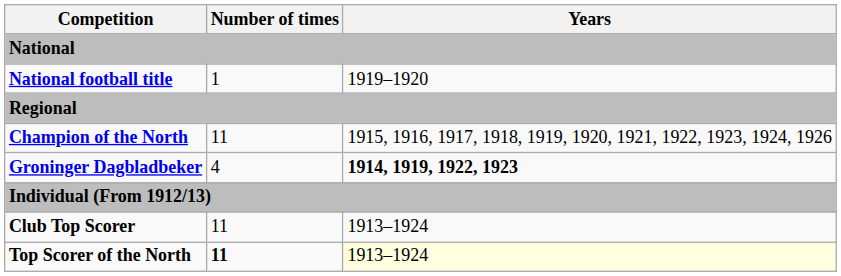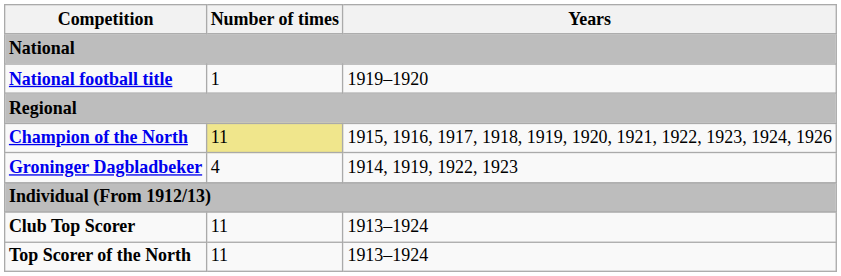 <table class="wikitable" style="font-size:85%;">
 <tr>
 <th>Competition</th>
 <th>Number of times</th>
 <th>Years</th>
 </tr>
 <tr>
 <td style="background:#BDBDBD;" colspan="6"><strong>National</strong></td>
 </tr>
 <tr>
 <td><strong><a href='#'>National football title</a></strong></td>
 <td>1</td>
 <td>1919–1920</td>
 </tr>
 <tr>
 <td style="background:#BDBDBD;" colspan="6"><strong>Regional</strong></td>
 </tr>
 <tr>
 <td><strong><a href='#'>Champion of the North</a></strong></td>
-<td>11</td>
+<td style="background: khaki;">11</td>
 <td>1915, 1916, 1917, 1918, 1919, 1920, 1921, 1922, 1923, 1924, 1926</td>
 </tr>
 <tr>
 <td><strong><a href='#'>Groninger Dagbladbeker</a></strong></td>
 <td>4</td>
-<td><strong>1914, 1919, 1922, 1923</strong></td>
+<td>1914, 1919, 1922, 1923</td>
 </tr>
 <tr>
 <td style="background:#BDBDBD;" colspan="6"><strong>Individual (From 1912/13)</strong></td>
 </tr>
 <tr>
 <td><strong>Club Top Scorer</strong></td>
 <td>11</td>
 <td>1913–1924</td>
 </tr>
 <tr>
 <td><strong>Top Scorer of the North</strong></td>
-<td><strong>11</strong></td>
-<td style="background: lightyellow;">1913–1924</td>
+<td>11</td>
+<td>1913–1924</td>
 </tr>
 </table>
